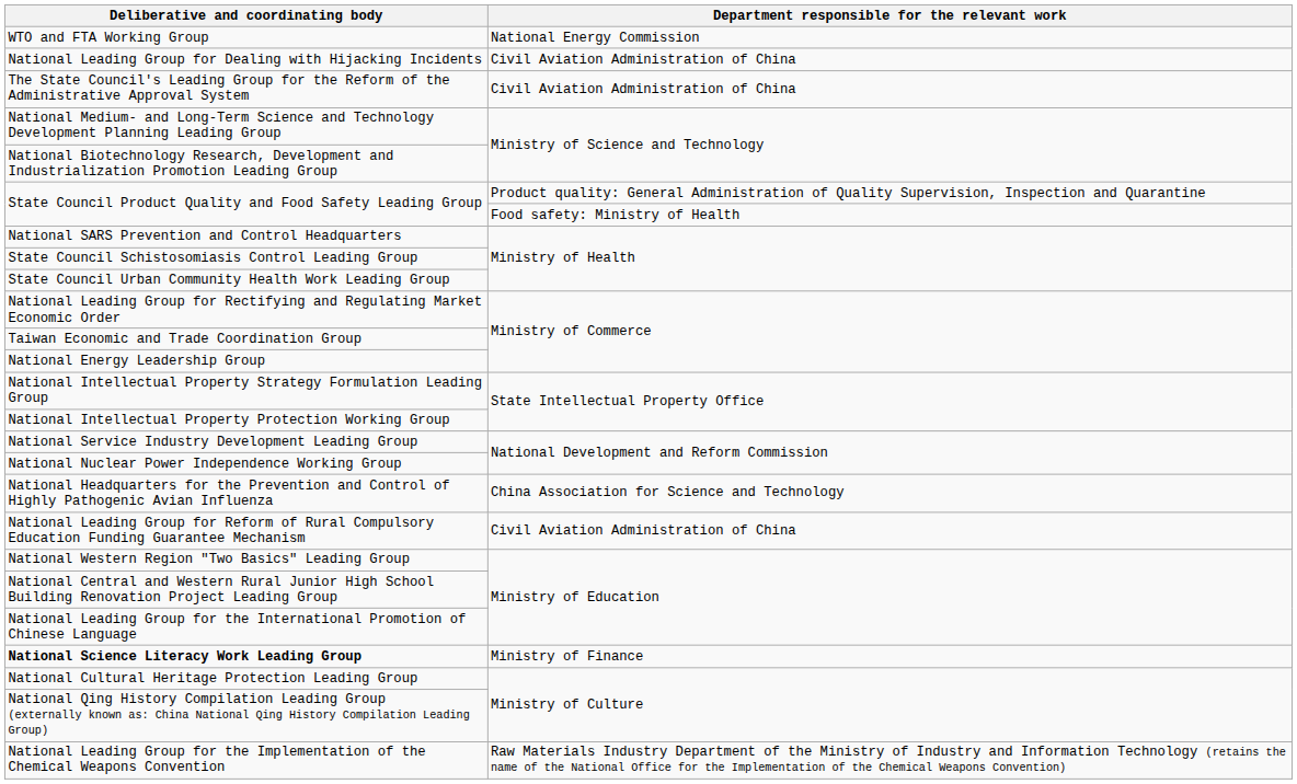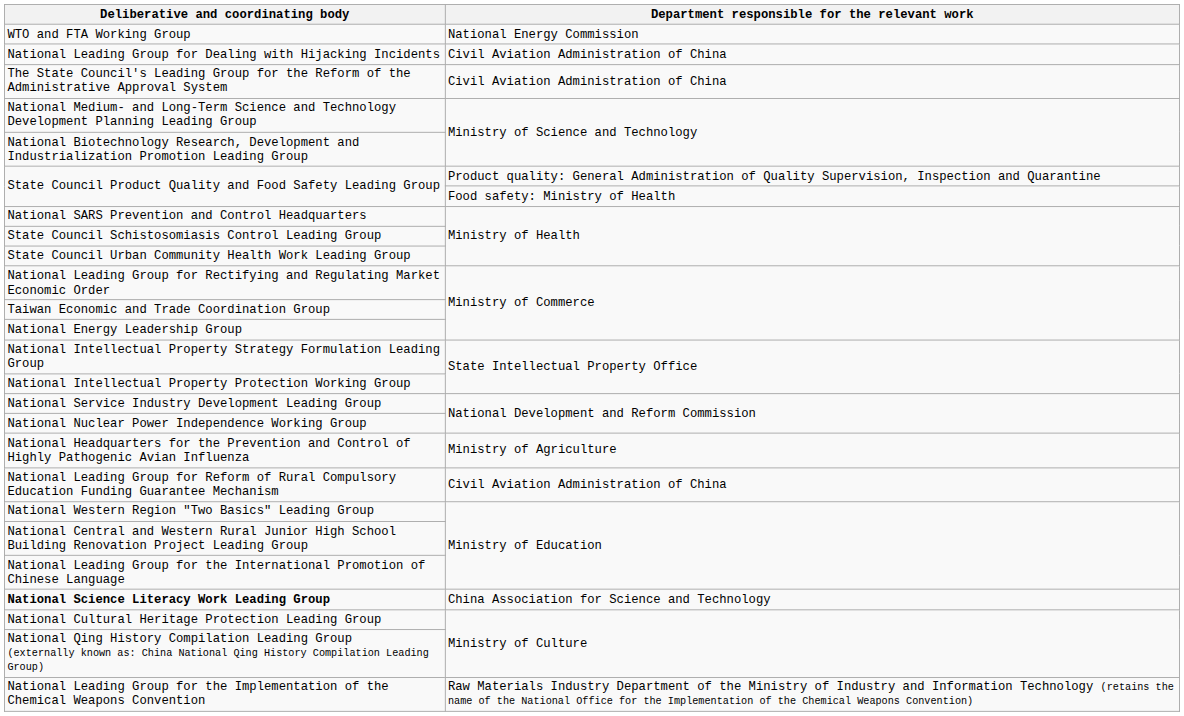 <table class="wikitable">
 <tr>
 <th>Deliberative and coordinating body</th>
 <th>Department responsible for the relevant work</th>
 </tr>
 <tr>
 <td>WTO and FTA Working Group</td>
 <td>National Energy Commission</td>
 </tr>
 <tr>
 <td>National Leading Group for Dealing with Hijacking Incidents</td>
 <td>Civil Aviation Administration of China</td>
 </tr>
 <tr>
 <td>The State Council's Leading Group for the Reform of the Administrative Approval System</td>
 <td>Civil Aviation Administration of China</td>
 </tr>
 <tr>
 <td>National Medium- and Long-Term Science and Technology Development Planning Leading Group</td>
 <td rowspan="2">Ministry of Science and Technology</td>
 </tr>
 <tr>
 <td>National Biotechnology Research, Development and Industrialization Promotion Leading Group</td>
 </tr>
 <tr>
 <td rowspan="2">State Council Product Quality and Food Safety Leading Group</td>
 <td>Product quality: General Administration of Quality Supervision, Inspection and Quarantine</td>
 </tr>
 <tr>
 <td>Food safety: Ministry of Health</td>
 </tr>
 <tr>
 <td>National SARS Prevention and Control Headquarters</td>
 <td rowspan="3">Ministry of Health</td>
 </tr>
 <tr>
 <td>State Council Schistosomiasis Control Leading Group</td>
 </tr>
 <tr>
 <td>State Council Urban Community Health Work Leading Group</td>
 </tr>
 <tr>
 <td>National Leading Group for Rectifying and Regulating Market Economic Order</td>
 <td rowspan="3">Ministry of Commerce</td>
 </tr>
 <tr>
 <td>Taiwan Economic and Trade Coordination Group</td>
 </tr>
 <tr>
 <td>National Energy Leadership Group</td>
 </tr>
 <tr>
 <td>National Intellectual Property Strategy Formulation Leading Group</td>
 <td rowspan="2">State Intellectual Property Office</td>
 </tr>
 <tr>
 <td>National Intellectual Property Protection Working Group</td>
 </tr>
 <tr>
 <td>National Service Industry Development Leading Group</td>
 <td rowspan="2">National Development and Reform Commission</td>
 </tr>
 <tr>
 <td>National Nuclear Power Independence Working Group</td>
 </tr>
 <tr>
 <td>National Headquarters for the Prevention and Control of Highly Pathogenic Avian Influenza</td>
-<td>China Association for Science and Technology</td>
+<td>Ministry of Agriculture</td>
 </tr>
 <tr>
 <td>National Leading Group for Reform of Rural Compulsory Education Funding Guarantee Mechanism</td>
 <td>Civil Aviation Administration of China</td>
 </tr>
 <tr>
 <td>National Western Region "Two Basics" Leading Group</td>
 <td rowspan="3">Ministry of Education</td>
 </tr>
 <tr>
 <td>National Central and Western Rural Junior High School Building Renovation Project Leading Group</td>
 </tr>
 <tr>
 <td>National Leading Group for the International Promotion of Chinese Language</td>
 </tr>
 <tr>
 <td><strong>National Science Literacy Work Leading Group</strong></td>
-<td>Ministry of Finance</td>
+<td>China Association for Science and Technology</td>
 </tr>
 <tr>
 <td>National Cultural Heritage Protection Leading Group</td>
 <td rowspan="2">Ministry of Culture</td>
 </tr>
 <tr>
 <td>National Qing History Compilation Leading Group<br><small>(externally known as: China National Qing History Compilation Leading Group)</small></td>
 </tr>
 <tr>
 <td>National Leading Group for the Implementation of the Chemical Weapons Convention</td>
 <td>Raw Materials Industry Department of the Ministry of Industry and Information Technology <small>(retains the name of the National Office for the Implementation of the Chemical Weapons Convention)</small></td>
 </tr>
 </table>
